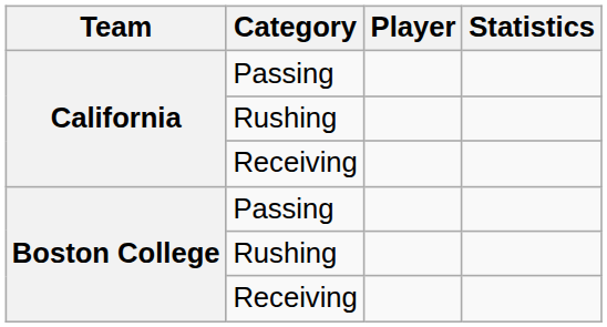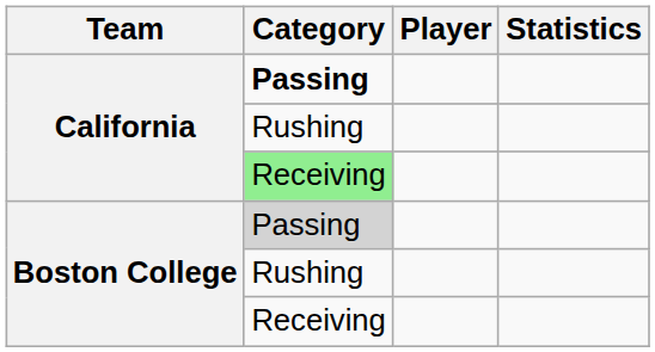 <table class="wikitable" style="float:right">
 <tr>
 <th>Team</th>
 <th>Category</th>
 <th>Player</th>
 <th>Statistics</th>
 </tr>
 <tr>
 <th rowspan=3>California</th>
-<td>Passing</td>
+<td><strong>Passing</strong></td>
 <td></td>
 <td></td>
 </tr>
 <tr>
 <td>Rushing</td>
 <td></td>
 <td></td>
 </tr>
 <tr>
-<td>Receiving</td>
+<td style="background: lightgreen;">Receiving</td>
 <td></td>
 <td></td>
 </tr>
 <tr>
 <th rowspan=3>Boston College</th>
-<td>Passing</td>
+<td style="background: lightgrey;">Passing</td>
 <td></td>
 <td></td>
 </tr>
 <tr>
 <td>Rushing</td>
 <td></td>
 <td></td>
 </tr>
 <tr>
 <td>Receiving</td>
 <td></td>
 <td></td>
 </tr>
 </table>
